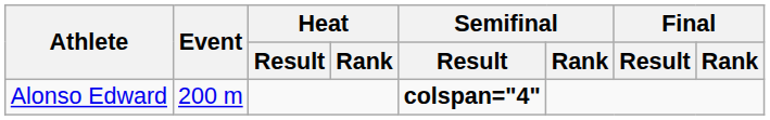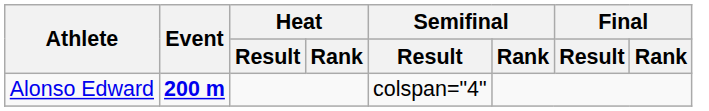 <table class="wikitable" style="font-size:90%">
 <tr>
 <th rowspan="2">Athlete</th>
 <th rowspan="2">Event</th>
 <th colspan="2">Heat</th>
 <th colspan="2">Semifinal</th>
 <th colspan="2">Final</th>
 </tr>
 <tr>
 <th>Result</th>
 <th>Rank</th>
 <th>Result</th>
 <th>Rank</th>
 <th>Result</th>
 <th>Rank</th>
 </tr>
 <tr style=text-align:center>
 <td style=text-align:left><a href='#'>Alonso Edward</a></td>
-<td style=text-align:left><a href='#'>200 m</a></td>
+<td style=text-align:left><strong><a href='#'>200 m</a></strong></td>
 <td colspan="2"></td>
-<td><strong>colspan="4" </strong></td>
+<td>colspan="4" </td>
 </tr>
 </table>
